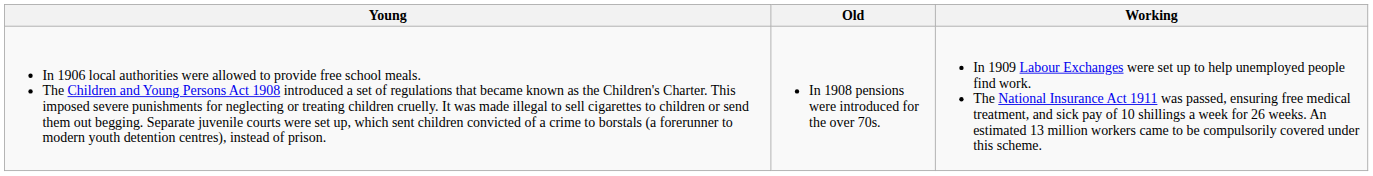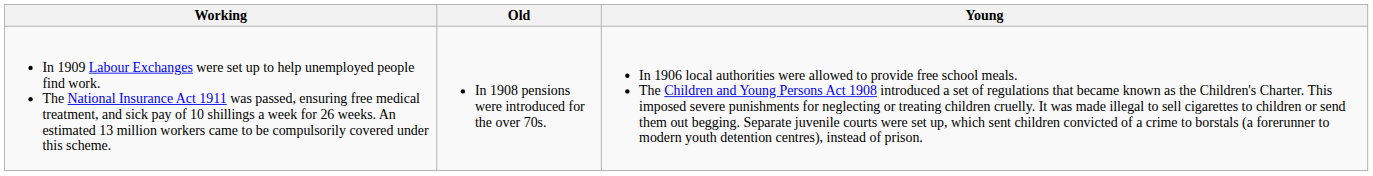 <table class="wikitable">
 <tr>
+<th>Working</th>
+<th>Old</th>
 <th>Young</th>
-<th>Old</th>
-<th>Working</th>
 </tr>
 <tr>
+<td><br><ul><li>In 1909 <a href='#'>Labour Exchanges</a> were set up to help unemployed people find work.</li><li>The <a href='#'>National Insurance Act 1911</a> was passed, ensuring free medical treatment, and sick pay of 10 shillings a week for 26 weeks. An estimated 13 million workers came to be compulsorily covered under this scheme.</li></ul></td>
+<td><br><ul><li>In 1908 pensions were introduced for the over 70s.</li></ul></td>
 <td><br><ul><li>In 1906 local authorities were allowed to provide free school meals.</li><li>The <a href='#'>Children and Young Persons Act 1908</a> introduced a set of regulations that became known as the Children's Charter. This imposed severe punishments for neglecting or treating children cruelly. It was made illegal to sell cigarettes to children or send them out begging. Separate juvenile courts were set up, which sent children convicted of a crime to borstals (a forerunner to modern youth detention centres), instead of prison.</li></ul></td>
-<td><br><ul><li>In 1908 pensions were introduced for the over 70s.</li></ul></td>
-<td><br><ul><li>In 1909 <a href='#'>Labour Exchanges</a> were set up to help unemployed people find work.</li><li>The <a href='#'>National Insurance Act 1911</a> was passed, ensuring free medical treatment, and sick pay of 10 shillings a week for 26 weeks. An estimated 13 million workers came to be compulsorily covered under this scheme.</li></ul></td>
 </tr>
 </table>
